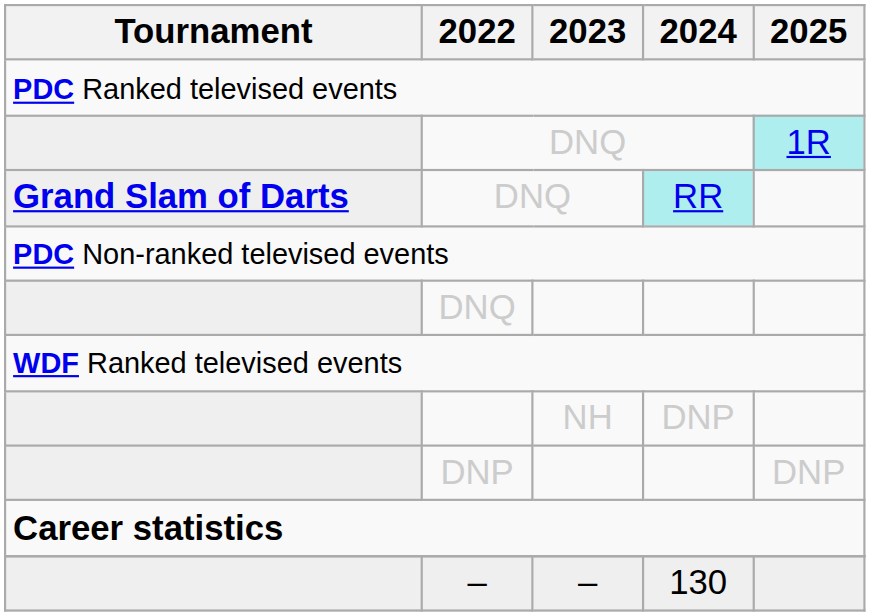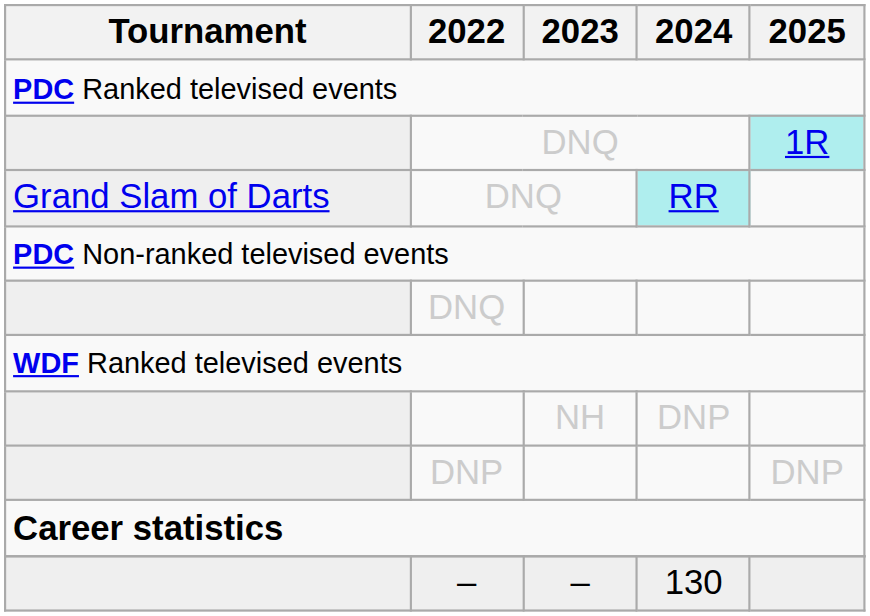 <table class="wikitable" style="width:20%; margin:0">
 <tr>
 <th>Tournament</th>
 <th>2022</th>
 <th>2023</th>
 <th>2024</th>
 <th>2025</th>
 </tr>
 <tr>
 <td colspan="5" style="text-align:left"><small><strong><a href='#'>PDC</a> </strong>Ranked televised events</small></td>
 </tr>
 <tr>
 <td style="background:#efefef;"></td>
 <td colspan="3" style="text-align:center; color:#ccc;">DNQ</td>
 <td style="text-align:center; background:#afeeee;"><a href='#'>1R</a></td>
 </tr>
 <tr>
-<td style="background:#efefef;"><strong><a href='#'>Grand Slam of Darts</a></strong></td>
+<td style="background:#efefef;"><a href='#'>Grand Slam of Darts</a></td>
 <td colspan="2" style="text-align:center; color:#ccc;">DNQ</td>
 <td style="text-align:center; background:#afeeee;"><a href='#'>RR</a></td>
 <td></td>
 </tr>
 <tr>
 <td colspan="5" style="text-align:left"><small><strong><a href='#'>PDC</a></strong> Non-ranked televised events</small></td>
 </tr>
 <tr>
 <td style="background:#efefef;"></td>
 <td style="text-align:center; color:#ccc;">DNQ</td>
 <td></td>
 <td></td>
 <td></td>
 </tr>
 <tr>
 <td colspan="5" style="text-align:left"><small><strong><a href='#'>WDF</a> </strong>Ranked televised events</small></td>
 </tr>
 <tr>
 <td style="background:#efefef;"></td>
 <td></td>
 <td style="text-align:center; color:#ccc;">NH</td>
 <td style="text-align:center; color:#ccc;">DNP</td>
 <td></td>
 </tr>
 <tr>
 <td style="background:#efefef;"></td>
 <td style="text-align:center; color:#ccc;">DNP</td>
 <td></td>
 <td></td>
 <td style="text-align:center; color:#ccc;">DNP</td>
 </tr>
 <tr>
 <td colspan="10" align="left"><strong>Career statistics</strong></td>
 </tr>
 <tr>
 </tr>
 <tr bgcolor="efefef">
 <td align="left"></td>
 <td style="text-align:center;">–</td>
 <td style="text-align:center;">–</td>
 <td style="text-align:center;">130</td>
 <td></td>
 </tr>
 </table>
